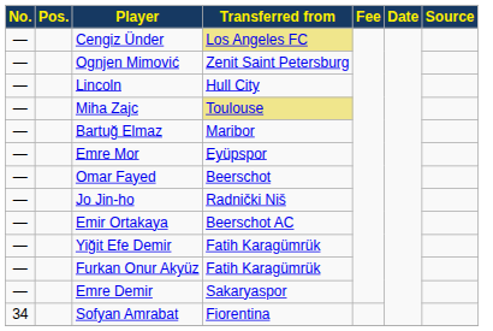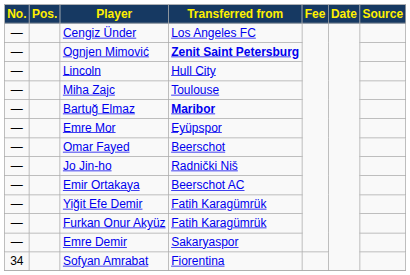 <table class="wikitable plainrowheaders sortable">
 <tr>
 <th style="background:#163962; color:#FFF000; ">No.</th>
 <th style="background:#163962; color:#FFF000; ">Pos.</th>
 <th style="background:#163962; color:#FFF000; ">Player</th>
 <th style="background:#163962; color:#FFF000; ">Transferred from</th>
 <th style="background:#163962; color:#FFF000; ">Fee</th>
 <th style="background:#163962; color:#FFF000; ">Date</th>
 <th style="background:#163962; color:#FFF000; ">Source</th>
 </tr>
 <tr>
 <td align=center>—</td>
 <td align=center></td>
 <td> <a href='#'>Cengiz Ünder</a></td>
-<td style="background: khaki;"> <a href='#'>Los Angeles FC</a></td>
+<td> <a href='#'>Los Angeles FC</a></td>
 <td rowspan=12></td>
 <td rowspan=13></td>
 <td align=center></td>
 </tr>
 <tr>
 <td align=center>—</td>
 <td align=center></td>
 <td> <a href='#'>Ognjen Mimović</a></td>
-<td> <a href='#'>Zenit Saint Petersburg</a></td>
+<td><strong> <a href='#'>Zenit Saint Petersburg</a></strong></td>
 <td align=center></td>
 </tr>
 <tr>
 <td align=center>—</td>
 <td align=center></td>
 <td> <a href='#'>Lincoln</a></td>
 <td> <a href='#'>Hull City</a></td>
 <td align=center></td>
 </tr>
 <tr>
 <td align=center>—</td>
 <td align=center></td>
 <td> <a href='#'>Miha Zajc</a></td>
-<td style="background: khaki;"> <a href='#'>Toulouse</a></td>
+<td> <a href='#'>Toulouse</a></td>
 <td align=center></td>
 </tr>
 <tr>
 <td align=center>—</td>
 <td align=center></td>
 <td> <a href='#'>Bartuğ Elmaz</a></td>
-<td> <a href='#'>Maribor</a></td>
+<td><strong> <a href='#'>Maribor</a></strong></td>
 <td align=center></td>
 </tr>
 <tr>
 <td align=center>—</td>
 <td align=center></td>
 <td> <a href='#'>Emre Mor</a></td>
 <td> <a href='#'>Eyüpspor</a></td>
 <td align=center></td>
 </tr>
 <tr>
 <td align=center>—</td>
 <td align=center></td>
 <td> <a href='#'>Omar Fayed</a></td>
 <td> <a href='#'>Beerschot</a></td>
 <td align=center></td>
 </tr>
 <tr>
 <td align=center>—</td>
 <td align=center></td>
 <td> <a href='#'>Jo Jin-ho</a></td>
 <td> <a href='#'>Radnički Niš</a></td>
 <td align=center></td>
 </tr>
 <tr>
 <td align=center>—</td>
 <td align=center></td>
 <td> <a href='#'>Emir Ortakaya</a></td>
 <td> <a href='#'>Beerschot AC</a></td>
 <td align=center></td>
 </tr>
 <tr>
 <td align=center>—</td>
 <td align=center></td>
 <td> <a href='#'>Yiğit Efe Demir</a></td>
 <td> <a href='#'>Fatih Karagümrük</a></td>
 <td align=center></td>
 </tr>
 <tr>
 <td align=center>—</td>
 <td align=center></td>
 <td> <a href='#'>Furkan Onur Akyüz</a></td>
 <td> <a href='#'>Fatih Karagümrük</a></td>
 <td align=center></td>
 </tr>
 <tr>
 <td align=center>—</td>
 <td align=center></td>
 <td> <a href='#'>Emre Demir</a></td>
 <td> <a href='#'>Sakaryaspor</a></td>
 <td align=center></td>
 </tr>
 <tr>
 <td align=center>34</td>
 <td align=center></td>
 <td> <a href='#'>Sofyan Amrabat</a></td>
 <td> <a href='#'>Fiorentina</a></td>
 <td></td>
 <td align=center></td>
 </tr>
 <tr>
 </tr>
 </table>
